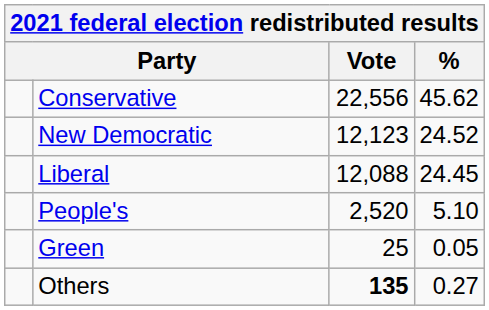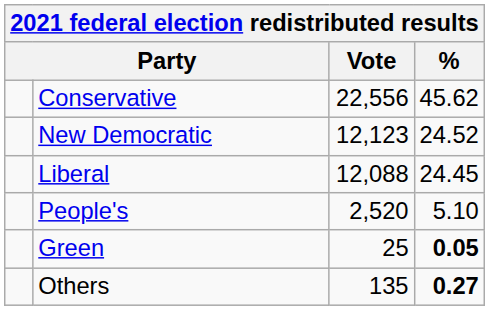 <table class="wikitable">
 <tr>
 <th colspan="4"><a href='#'>2021 federal election</a> redistributed results</th>
 </tr>
 <tr>
 <th bgcolor="#DDDDFF" width="130px" colspan="2">Party</th>
 <th bgcolor="#DDDDFF" width="50px">Vote</th>
 <th bgcolor="#DDDDFF" width="30px">%</th>
 </tr>
 <tr>
 <td> </td>
 <td><a href='#'>Conservative</a></td>
 <td align=right>22,556</td>
 <td align=right>45.62</td>
 </tr>
 <tr>
 <td> </td>
 <td><a href='#'>New Democratic</a></td>
 <td align=right>12,123</td>
 <td align=right>24.52</td>
 </tr>
 <tr>
 <td> </td>
 <td><a href='#'>Liberal</a></td>
 <td align=right>12,088</td>
 <td align=right>24.45</td>
 </tr>
 <tr>
 <td> </td>
 <td><a href='#'>People's</a></td>
 <td align=right>2,520</td>
 <td align=right>5.10</td>
 </tr>
 <tr>
 <td> </td>
 <td><a href='#'>Green</a></td>
 <td align=right>25</td>
-<td align=right>0.05</td>
+<td align=right><strong>0.05</strong></td>
 </tr>
 <tr>
 <td> </td>
 <td>Others</td>
-<td align=right><strong>135</strong></td>
-<td align=right>0.27</td>
+<td align=right>135</td>
+<td align=right><strong>0.27</strong></td>
 </tr>
 </table>
